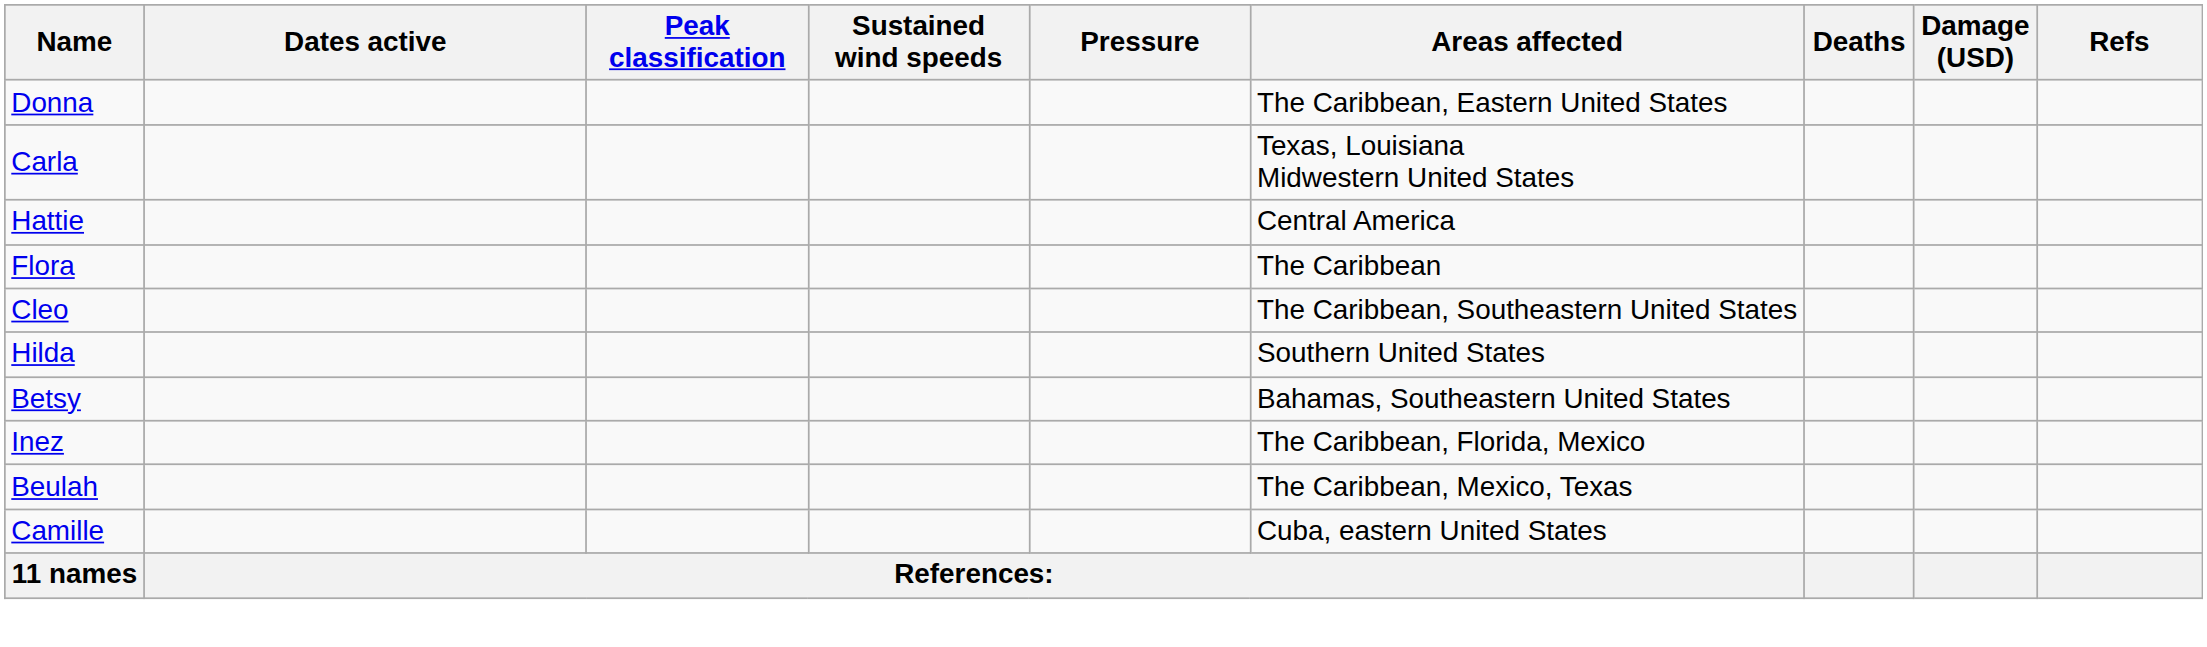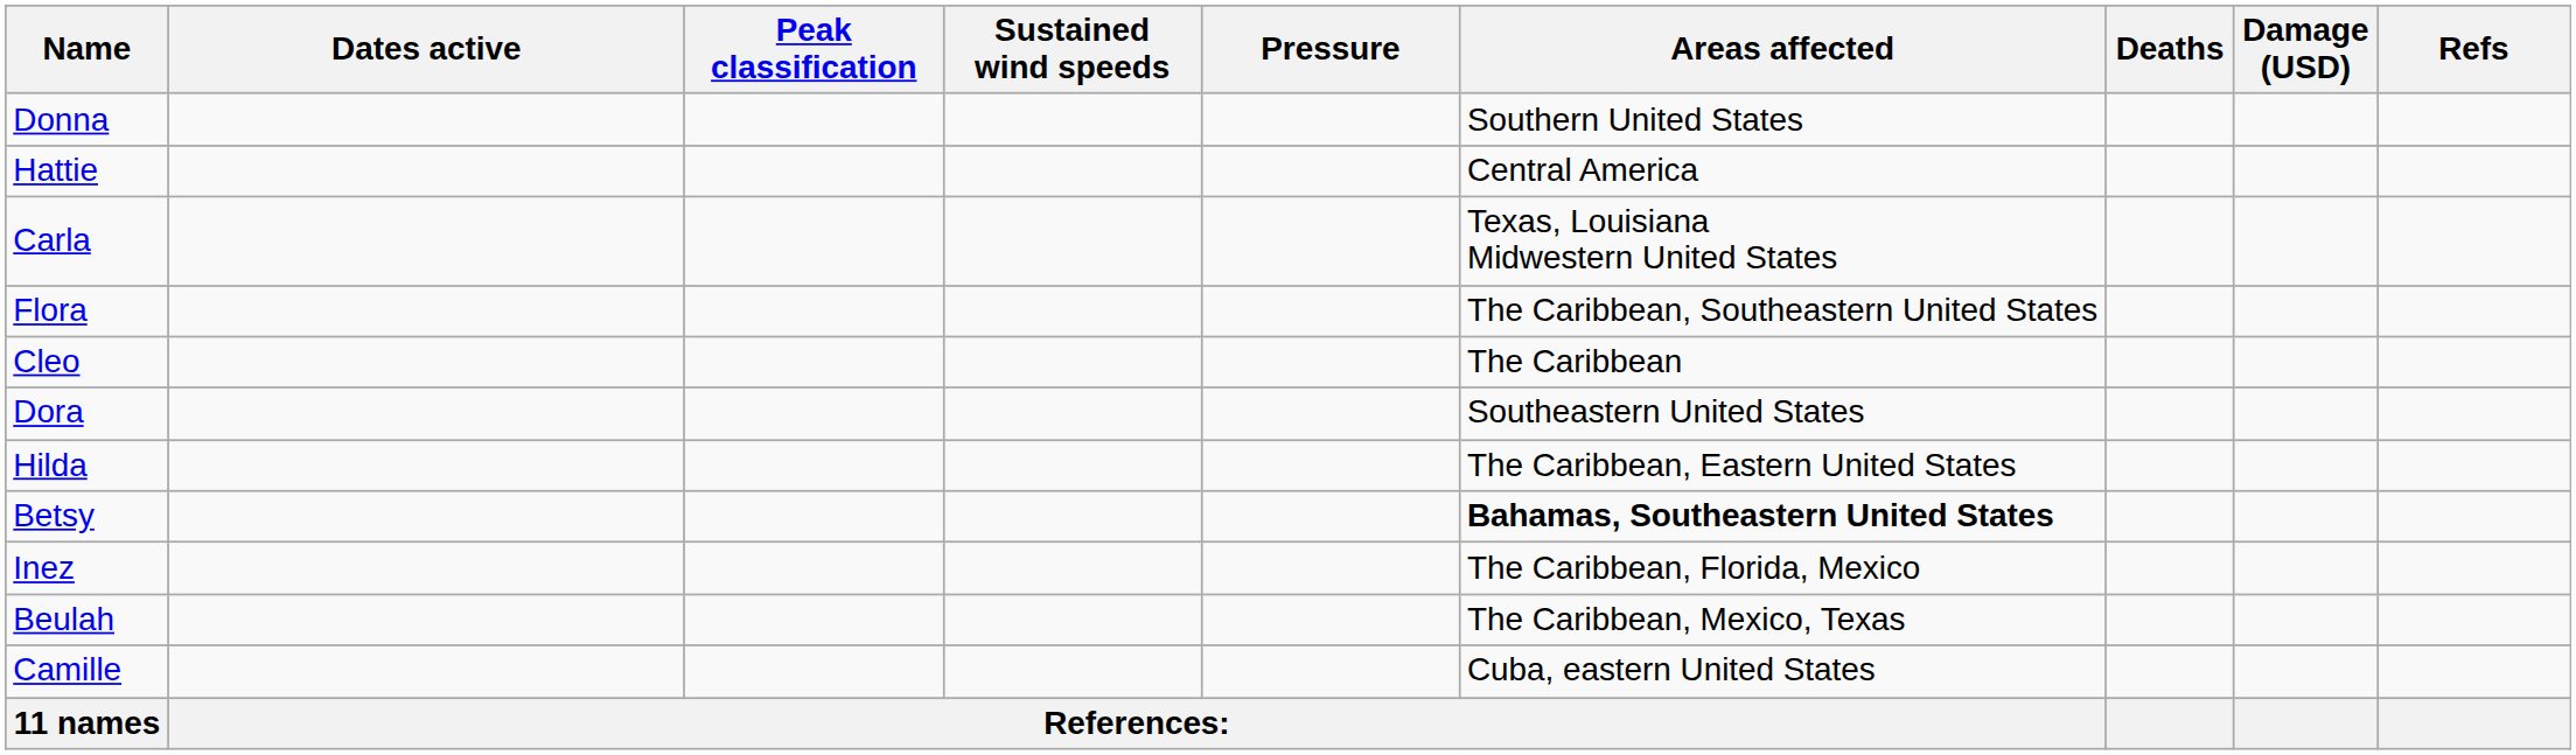 <table class="wikitable sortable" width="100%">
 <tr>
 <th scope="col" width="6%">Name</th>
 <th scope="col" width="20%">Dates active</th>
 <th scope="col" width="10%"><a href='#'>Peak classification</a></th>
 <th scope="col" width="10%">Sustained<br>wind speeds</th>
 <th scope="col" width="10%">Pressure</th>
 <th scope="col" width="25%" class="unsortable">Areas affected</th>
 <th scope="col" width="5%">Deaths</th>
 <th scope="col" width="5%">Damage<br>(USD)</th>
 <th scope="col" width="7.5%" class="unsortable">Refs</th>
 </tr>
 <tr>
 <td><a href='#'>Donna</a></td>
 <td></td>
 <td></td>
 <td></td>
 <td></td>
-<td>The Caribbean, Eastern United States</td>
+<td>Southern United States</td>
+<td></td>
+<td></td>
+<td></td>
+</tr>
+<tr>
+<td><a href='#'>Hattie</a></td>
+<td></td>
+<td></td>
+<td></td>
+<td></td>
+<td>Central America</td>
 <td></td>
 <td></td>
 <td></td>
 </tr>
 <tr>
 <td><a href='#'>Carla</a></td>
 <td></td>
 <td></td>
 <td></td>
 <td></td>
 <td>Texas, Louisiana<br>Midwestern United States</td>
 <td></td>
 <td></td>
 <td></td>
 </tr>
 <tr>
-<td><a href='#'>Hattie</a></td>
+<td><a href='#'>Flora</a></td>
 <td></td>
 <td></td>
 <td></td>
 <td></td>
-<td>Central America</td>
+<td>The Caribbean, Southeastern United States</td>
 <td></td>
 <td></td>
 <td></td>
 </tr>
 <tr>
-<td><a href='#'>Flora</a></td>
+<td><a href='#'>Cleo</a></td>
 <td></td>
 <td></td>
 <td></td>
 <td></td>
 <td>The Caribbean</td>
 <td></td>
 <td></td>
 <td></td>
 </tr>
 <tr>
-<td><a href='#'>Cleo</a></td>
+<td><a href='#'>Dora</a></td>
 <td></td>
 <td></td>
 <td></td>
 <td></td>
-<td>The Caribbean, Southeastern United States</td>
+<td>Southeastern United States</td>
 <td></td>
 <td></td>
 <td></td>
 </tr>
 <tr>
 <td><a href='#'>Hilda</a></td>
 <td></td>
 <td></td>
 <td></td>
 <td></td>
-<td>Southern United States</td>
+<td>The Caribbean, Eastern United States</td>
 <td></td>
 <td></td>
 <td></td>
 </tr>
 <tr>
 <td><a href='#'>Betsy</a></td>
 <td></td>
 <td></td>
 <td></td>
 <td></td>
-<td>Bahamas, Southeastern United States</td>
+<td><strong>Bahamas, Southeastern United States</strong></td>
 <td></td>
 <td></td>
 <td></td>
 </tr>
 <tr>
 <td><a href='#'>Inez</a></td>
 <td></td>
 <td></td>
 <td></td>
 <td></td>
 <td>The Caribbean, Florida, Mexico</td>
 <td></td>
 <td></td>
 <td></td>
 </tr>
 <tr>
 <td><a href='#'>Beulah</a></td>
 <td></td>
 <td></td>
 <td></td>
 <td></td>
 <td>The Caribbean, Mexico, Texas</td>
 <td></td>
 <td></td>
 <td></td>
 </tr>
 <tr>
 <td><a href='#'>Camille</a></td>
 <td></td>
 <td></td>
 <td></td>
 <td></td>
 <td>Cuba, eastern United States</td>
 <td></td>
 <td></td>
 <td></td>
 </tr>
 <tr class="sortbottom">
 <th>11 names</th>
 <th colspan=5>References:</th>
 <th></th>
 <th></th>
 <th></th>
 </tr>
 </table>
